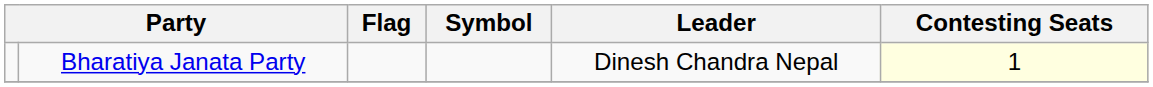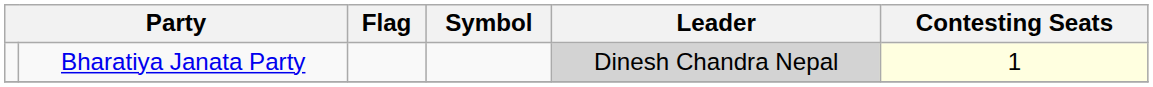 <table class="wikitable" width="60%" style="text-align:center">
 <tr>
 <th colspan="2">Party</th>
 <th>Flag</th>
 <th>Symbol</th>
 <th>Leader</th>
 <th>Contesting Seats</th>
 </tr>
 <tr>
 <td></td>
 <td><a href='#'>Bharatiya Janata Party</a></td>
 <td></td>
 <td></td>
-<td>Dinesh Chandra Nepal</td>
+<td style="background: lightgrey;">Dinesh Chandra Nepal</td>
 <td style="background: lightyellow;">1</td>
 </tr>
 <tr>
 </tr>
 </table>
